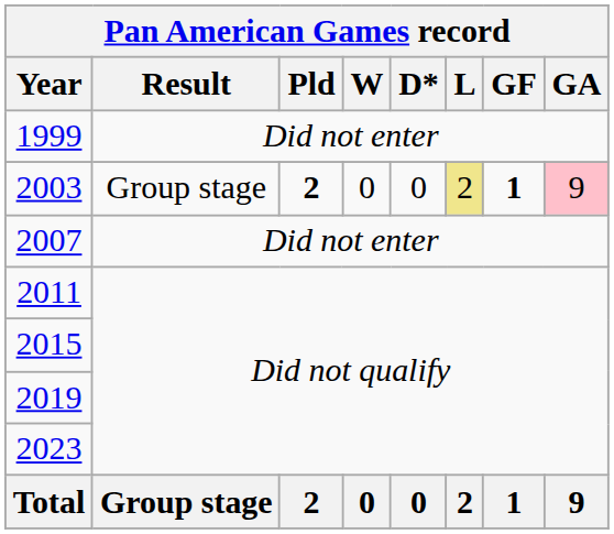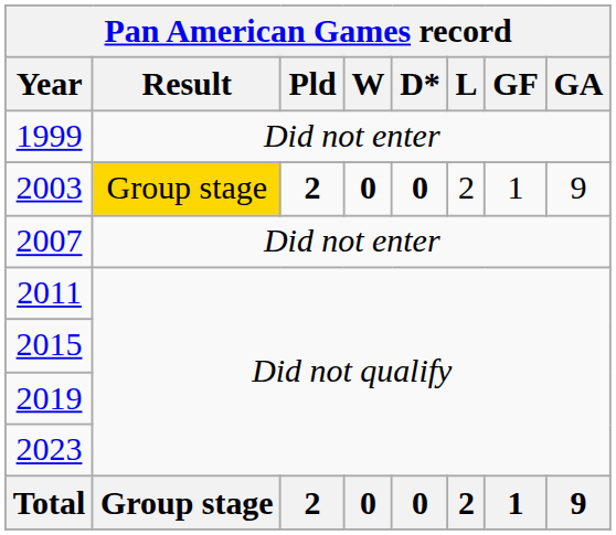 <table class="wikitable" style="text-align: center;">
 <tr>
 <th colspan=8><a href='#'>Pan American Games</a> record</th>
 </tr>
 <tr>
 <th>Year</th>
 <th>Result</th>
 <th>Pld</th>
 <th>W</th>
 <th>D*</th>
 <th>L</th>
 <th>GF</th>
 <th>GA</th>
 </tr>
 <tr>
 <td> <a href='#'>1999</a></td>
 <td colspan=7><em>Did not enter</em></td>
 </tr>
 <tr>
 <td> <a href='#'>2003</a></td>
-<td>Group stage</td>
+<td style="background: gold;">Group stage</td>
 <td><strong>2</strong></td>
-<td>0</td>
-<td>0</td>
-<td style="background: khaki;">2</td>
-<td><strong>1</strong></td>
-<td style="background: pink;">9</td>
+<td><strong>0</strong></td>
+<td><strong>0</strong></td>
+<td>2</td>
+<td>1</td>
+<td>9</td>
 </tr>
 <tr>
 <td> <a href='#'>2007</a></td>
 <td colspan=7><em>Did not enter</em></td>
 </tr>
 <tr>
 <td> <a href='#'>2011</a></td>
 <td colspan=7 rowspan=4><em>Did not qualify</em></td>
 </tr>
 <tr>
 <td> <a href='#'>2015</a></td>
 </tr>
 <tr>
 <td> <a href='#'>2019</a></td>
 </tr>
 <tr>
 <td> <a href='#'>2023</a></td>
 </tr>
 <tr>
 <th>Total</th>
 <th>Group stage</th>
 <th>2</th>
 <th>0</th>
 <th>0</th>
 <th>2</th>
 <th>1</th>
 <th>9</th>
 </tr>
 </table>
